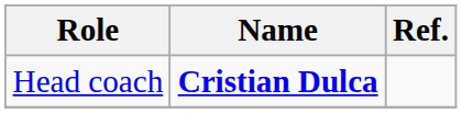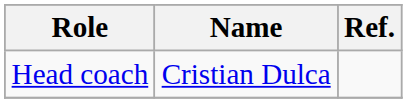 <table class="wikitable">
 <tr>
 <th>Role</th>
 <th>Name</th>
 <th>Ref.</th>
 </tr>
 <tr>
 <td><a href='#'>Head coach</a></td>
-<td><strong><a href='#'>Cristian Dulca</a></strong></td>
+<td><a href='#'>Cristian Dulca</a></td>
 <td></td>
 </tr>
 <tr>
 </tr>
 </table>
